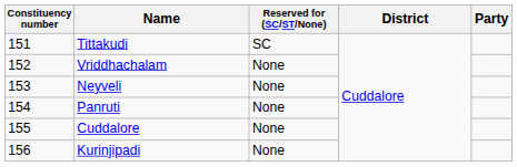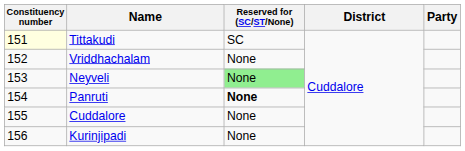 <table class="wikitable sortable">
 <tr>
 <th width="50px" style="font-size:75%">Constituency number</th>
 <th width="200px">Name</th>
 <th width="100px" style="font-size:75%">Reserved for (<a href='#'>SC</a>/<a href='#'>ST</a>/None)</th>
 <th width="150px">District</th>
 <th colspan="2">Party</th>
 </tr>
 <tr>
-<td>151</td>
+<td style="background: lightyellow;">151</td>
 <td><a href='#'>Tittakudi</a></td>
 <td>SC</td>
 <td rowspan="6"><a href='#'>Cuddalore</a></td>
 <td></td>
 </tr>
 <tr>
 <td>152</td>
 <td><a href='#'>Vriddhachalam</a></td>
 <td>None</td>
 <td></td>
 </tr>
 <tr>
 <td>153</td>
 <td><a href='#'>Neyveli</a></td>
-<td>None</td>
+<td style="background: lightgreen;">None</td>
 <td></td>
 </tr>
 <tr>
 <td>154</td>
 <td><a href='#'>Panruti</a></td>
-<td>None</td>
+<td><strong>None</strong></td>
 <td></td>
 </tr>
 <tr>
 <td>155</td>
 <td><a href='#'>Cuddalore</a></td>
 <td>None</td>
 <td></td>
 </tr>
 <tr>
 <td>156</td>
 <td><a href='#'>Kurinjipadi</a></td>
 <td>None</td>
 <td></td>
 </tr>
 </table>
